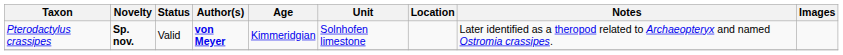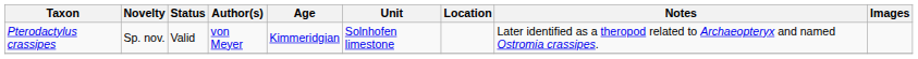 <table class="wikitable sortable" align="center" width="100%">
 <tr>
 <th>Taxon</th>
 <th>Novelty</th>
 <th>Status</th>
 <th>Author(s)</th>
 <th>Age</th>
 <th>Unit</th>
 <th>Location</th>
 <th>Notes</th>
 <th>Images</th>
 </tr>
 <tr>
 <td><em><a href='#'>Pterodactylus crassipes</a></em></td>
-<td><strong>Sp. nov.</strong></td>
+<td>Sp. nov.</td>
 <td>Valid</td>
-<td><strong><a href='#'>von Meyer</a></strong></td>
+<td><a href='#'>von Meyer</a></td>
 <td><a href='#'>Kimmeridgian</a></td>
 <td><a href='#'>Solnhofen limestone</a></td>
 <td></td>
 <td>Later identified as a <a href='#'>theropod</a> related to <em><a href='#'>Archaeopteryx</a></em> and named <em><a href='#'>Ostromia crassipes</a></em>.</td>
 <td></td>
 </tr>
 <tr>
 </tr>
 </table>
